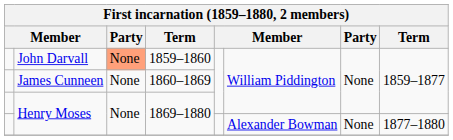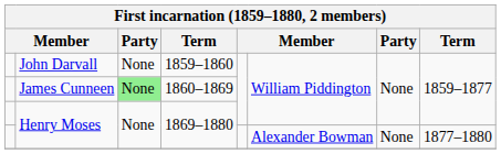 <table class="wikitable">
 <tr>
 <th colspan="8">First incarnation (1859–1880, 2 members)</th>
 </tr>
 <tr>
 <th colspan="2">Member</th>
 <th>Party</th>
 <th>Term</th>
 <th colspan="2">Member</th>
 <th>Party</th>
 <th>Term</th>
 </tr>
 <tr>
 <td> </td>
 <td><a href='#'>John Darvall</a></td>
-<td style="background: lightsalmon;">None</td>
+<td>None</td>
 <td>1859–1860</td>
 <td rowspan="3" > </td>
 <td rowspan="3"><a href='#'>William Piddington</a></td>
 <td rowspan="3">None</td>
 <td rowspan="3">1859–1877</td>
 </tr>
 <tr>
 <td> </td>
 <td><a href='#'>James Cunneen</a></td>
-<td>None</td>
+<td style="background: lightgreen;">None</td>
 <td>1860–1869</td>
 </tr>
 <tr>
 <td> </td>
 <td rowspan="2"><a href='#'>Henry Moses</a></td>
 <td rowspan="2">None</td>
 <td rowspan="2">1869–1880</td>
 </tr>
 <tr>
 <td> </td>
 <td> </td>
 <td><a href='#'>Alexander Bowman</a></td>
 <td>None</td>
 <td>1877–1880</td>
 </tr>
 <tr>
 </tr>
 </table>
